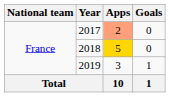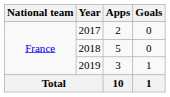 <table class="wikitable" style="text-align: center;">
 <tr>
 <th>National team</th>
 <th>Year</th>
 <th>Apps</th>
 <th>Goals</th>
 </tr>
 <tr>
 <td rowspan="3"><a href='#'>France</a></td>
 <td>2017</td>
-<td style="background: lightsalmon;">2</td>
+<td>2</td>
 <td>0</td>
 </tr>
 <tr>
 <td>2018</td>
-<td style="background: gold;">5</td>
+<td>5</td>
 <td>0</td>
 </tr>
 <tr>
 <td>2019</td>
 <td>3</td>
 <td>1</td>
 </tr>
 <tr>
 <th colspan=2>Total</th>
 <th>10</th>
 <th>1</th>
 </tr>
 </table>
